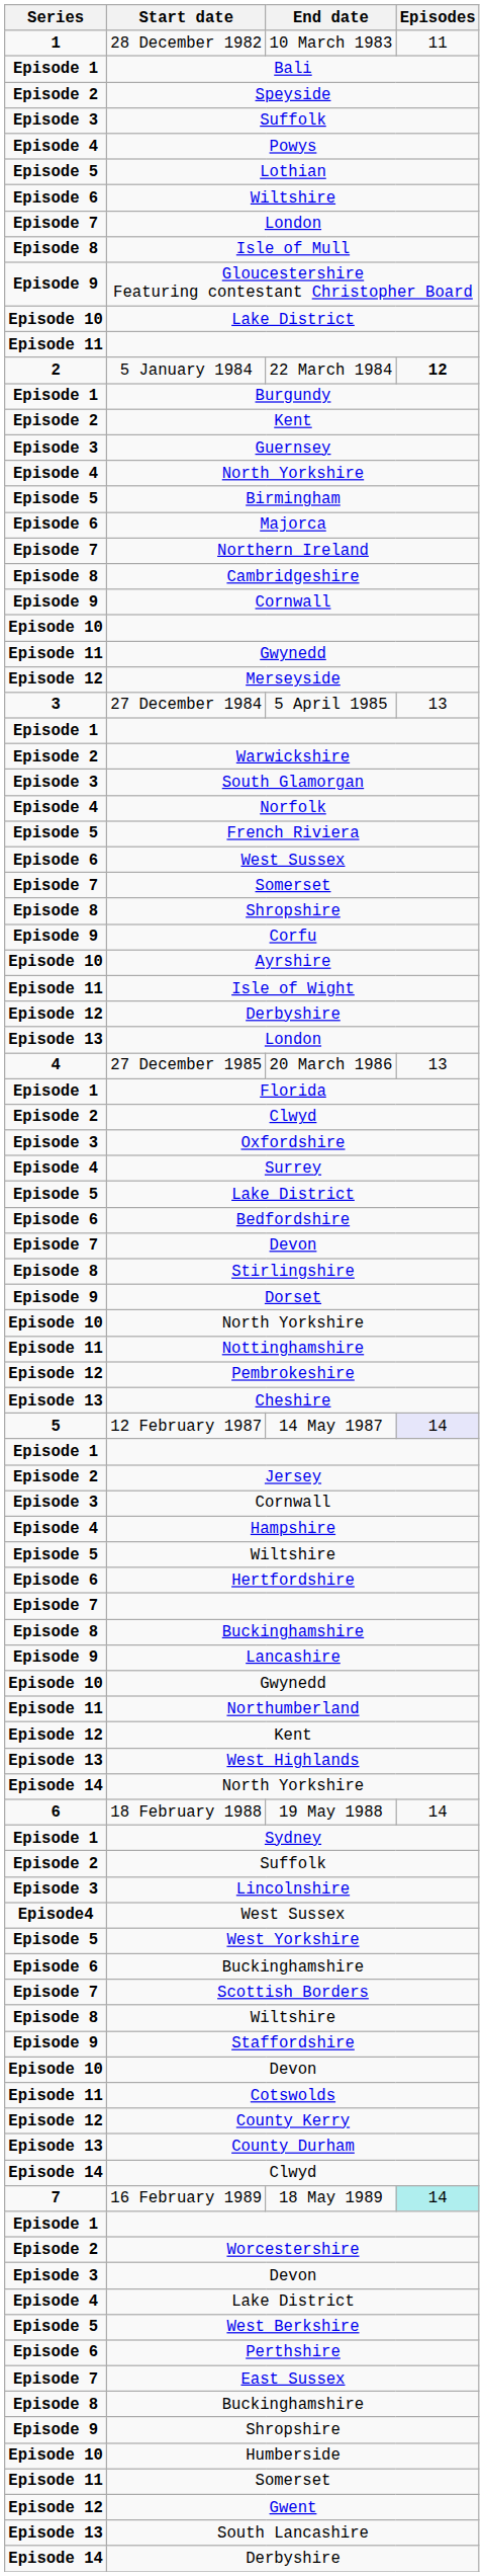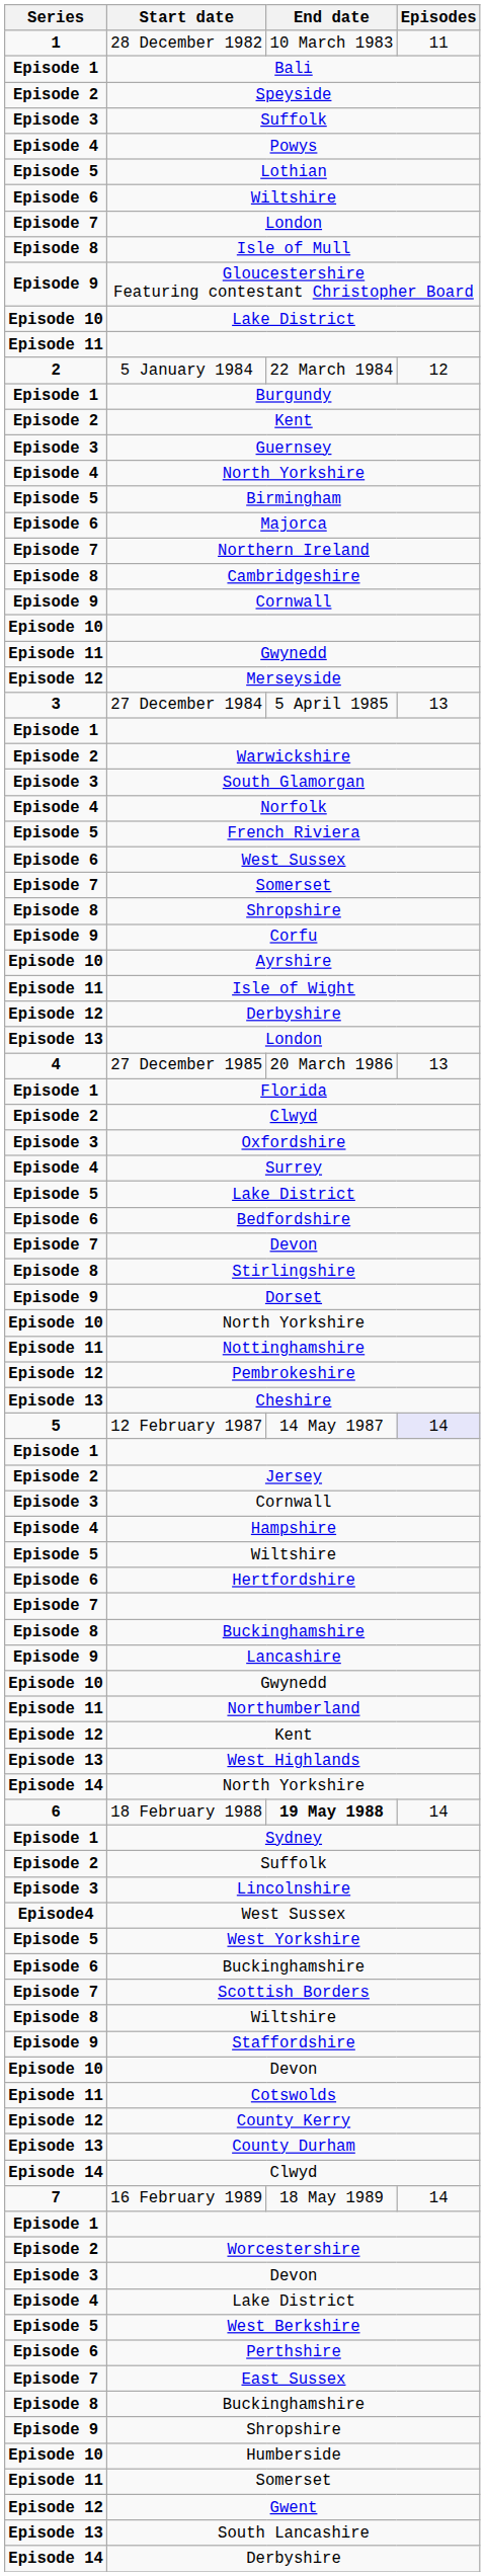 <table class="wikitable">
 <tr>
 <th>Series</th>
 <th>Start date</th>
 <th>End date</th>
 <th>Episodes</th>
 </tr>
 <tr>
 <td align=center><strong>1</strong></td>
 <td align=center>28 December 1982</td>
 <td align=center>10 March 1983</td>
 <td align=center>11</td>
 </tr>
 <tr>
 <td align=center><strong>Episode 1</strong></td>
 <td align=center colspan=3> <a href='#'>Bali</a></td>
 </tr>
 <tr>
 <td align=center><strong>Episode 2</strong></td>
 <td align=center colspan=3> <a href='#'>Speyside</a></td>
 </tr>
 <tr>
 <td align=center><strong>Episode 3</strong></td>
 <td align=center colspan=3> <a href='#'>Suffolk</a></td>
 </tr>
 <tr>
 <td align=center><strong>Episode 4</strong></td>
 <td align=center colspan=3> <a href='#'>Powys</a></td>
 </tr>
 <tr>
 <td align=center><strong>Episode 5</strong></td>
 <td align=center colspan=3> <a href='#'>Lothian</a></td>
 </tr>
 <tr>
 <td align=center><strong>Episode 6</strong></td>
 <td align=center colspan=3> <a href='#'>Wiltshire</a></td>
 </tr>
 <tr>
 <td align=center><strong>Episode 7</strong></td>
 <td align=center colspan=3> <a href='#'>London</a></td>
 </tr>
 <tr>
 <td align=center><strong>Episode 8</strong></td>
 <td align=center colspan=3> <a href='#'>Isle of Mull</a></td>
 </tr>
 <tr>
 <td align=center><strong>Episode 9</strong></td>
 <td align=center colspan=3> <a href='#'>Gloucestershire</a><br>Featuring contestant <a href='#'>Christopher Board</a></td>
 </tr>
 <tr>
 <td align=center><strong>Episode 10</strong></td>
 <td align=center colspan=3> <a href='#'>Lake District</a></td>
 </tr>
 <tr>
 <td align=center><strong>Episode 11</strong></td>
 <td align=center colspan=3></td>
 </tr>
 <tr>
 <td align=center><strong>2</strong></td>
 <td align=center>5 January 1984</td>
 <td align=center>22 March 1984</td>
-<td align=center><strong>12</strong></td>
+<td align=center>12</td>
 </tr>
 <tr>
 <td align=center><strong>Episode 1</strong></td>
 <td align=center colspan=3> <a href='#'>Burgundy</a></td>
 </tr>
 <tr>
 <td align=center><strong>Episode 2</strong></td>
 <td align=center colspan=3> <a href='#'>Kent</a></td>
 </tr>
 <tr>
 <td align=center><strong>Episode 3</strong></td>
 <td align=center colspan=3> <a href='#'>Guernsey</a></td>
 </tr>
 <tr>
 <td align=center><strong>Episode 4</strong></td>
 <td align=center colspan=3> <a href='#'>North Yorkshire</a></td>
 </tr>
 <tr>
 <td align=center><strong>Episode 5</strong></td>
 <td align=center colspan=3> <a href='#'>Birmingham</a></td>
 </tr>
 <tr>
 <td align=center><strong>Episode 6</strong></td>
 <td align=center colspan=3> <a href='#'>Majorca</a></td>
 </tr>
 <tr>
 <td align=center><strong>Episode 7</strong></td>
 <td align=center colspan=3> <a href='#'>Northern Ireland</a></td>
 </tr>
 <tr>
 <td align=center><strong>Episode 8</strong></td>
 <td align=center colspan=3> <a href='#'>Cambridgeshire</a></td>
 </tr>
 <tr>
 <td align=center><strong>Episode 9</strong></td>
 <td align=center colspan=3> <a href='#'>Cornwall</a></td>
 </tr>
 <tr>
 <td align=center><strong>Episode 10</strong></td>
 <td align=center colspan=3></td>
 </tr>
 <tr>
 <td align=center><strong>Episode 11</strong></td>
 <td align=center colspan=3> <a href='#'>Gwynedd</a></td>
 </tr>
 <tr>
 <td align=center><strong>Episode 12</strong></td>
 <td align=center colspan=3> <a href='#'>Merseyside</a></td>
 </tr>
 <tr>
 <td align=center><strong>3</strong></td>
 <td align=center>27 December 1984</td>
 <td align=center>5 April 1985</td>
 <td align=center>13</td>
 </tr>
 <tr>
 <td align=center><strong>Episode 1</strong></td>
 <td align=center colspan=3></td>
 </tr>
 <tr>
 <td align=center><strong>Episode 2</strong></td>
 <td align=center colspan=3> <a href='#'>Warwickshire</a></td>
 </tr>
 <tr>
 <td align=center><strong>Episode 3</strong></td>
 <td align=center colspan=3> <a href='#'>South Glamorgan</a></td>
 </tr>
 <tr>
 <td align=center><strong>Episode 4</strong></td>
 <td align=center colspan=3> <a href='#'>Norfolk</a></td>
 </tr>
 <tr>
 <td align=center><strong>Episode 5</strong></td>
 <td align=center colspan=3> <a href='#'>French Riviera</a></td>
 </tr>
 <tr>
 <td align=center><strong>Episode 6</strong></td>
 <td align=center colspan=3> <a href='#'>West Sussex</a></td>
 </tr>
 <tr>
 <td align=center><strong>Episode 7</strong></td>
 <td align=center colspan=3> <a href='#'>Somerset</a></td>
 </tr>
 <tr>
 <td align=center><strong>Episode 8</strong></td>
 <td align=center colspan=3> <a href='#'>Shropshire</a></td>
 </tr>
 <tr>
 <td align=center><strong>Episode 9</strong></td>
 <td align=center colspan=3> <a href='#'>Corfu</a></td>
 </tr>
 <tr>
 <td align=center><strong>Episode 10</strong></td>
 <td align=center colspan=3> <a href='#'>Ayrshire</a></td>
 </tr>
 <tr>
 <td align=center><strong>Episode 11</strong></td>
 <td align=center colspan=3> <a href='#'>Isle of Wight</a></td>
 </tr>
 <tr>
 <td align=center><strong>Episode 12</strong></td>
 <td align=center colspan=3> <a href='#'>Derbyshire</a></td>
 </tr>
 <tr>
 <td align=center><strong>Episode 13</strong></td>
 <td align=center colspan=3> <a href='#'>London</a></td>
 </tr>
 <tr>
 <td align=center><strong>4</strong></td>
 <td align=center>27 December 1985</td>
 <td align=center>20 March 1986</td>
 <td align=center>13</td>
 </tr>
 <tr>
 <td align=center><strong>Episode 1</strong></td>
 <td align=center colspan=3> <a href='#'>Florida</a></td>
 </tr>
 <tr>
 <td align=center><strong>Episode 2</strong></td>
 <td align=center colspan=3> <a href='#'>Clwyd</a></td>
 </tr>
 <tr>
 <td align=center><strong>Episode 3</strong></td>
 <td align=center colspan=3> <a href='#'>Oxfordshire</a></td>
 </tr>
 <tr>
 <td align=center><strong>Episode 4</strong></td>
 <td align=center colspan=3> <a href='#'>Surrey</a></td>
 </tr>
 <tr>
 <td align=center><strong>Episode 5</strong></td>
 <td align=center colspan=3> <a href='#'>Lake District</a></td>
 </tr>
 <tr>
 <td align=center><strong>Episode 6</strong></td>
 <td align=center colspan=3> <a href='#'>Bedfordshire</a></td>
 </tr>
 <tr>
 <td align=center><strong>Episode 7</strong></td>
 <td align=center colspan=3> <a href='#'>Devon</a></td>
 </tr>
 <tr>
 <td align=center><strong>Episode 8</strong></td>
 <td align=center colspan=3> <a href='#'>Stirlingshire</a></td>
 </tr>
 <tr>
 <td align=center><strong>Episode 9</strong></td>
 <td align=center colspan=3> <a href='#'>Dorset</a></td>
 </tr>
 <tr>
 <td align=center><strong>Episode 10</strong></td>
 <td align=center colspan=3> North Yorkshire</td>
 </tr>
 <tr>
 <td align=center><strong>Episode 11</strong></td>
 <td align=center colspan=3> <a href='#'>Nottinghamshire</a></td>
 </tr>
 <tr>
 <td align=center><strong>Episode 12</strong></td>
 <td align=center colspan=3> <a href='#'>Pembrokeshire</a></td>
 </tr>
 <tr>
 <td align=center><strong>Episode 13</strong></td>
 <td align=center colspan=3> <a href='#'>Cheshire</a></td>
 </tr>
 <tr>
 <td align=center><strong>5</strong></td>
 <td align=center>12 February 1987</td>
 <td align=center>14 May 1987</td>
 <td align=center style="background: lavender;">14</td>
 </tr>
 <tr>
 <td align=center><strong>Episode 1</strong></td>
 <td align=center colspan=3></td>
 </tr>
 <tr>
 <td align=center><strong>Episode 2</strong></td>
 <td align=center colspan=3> <a href='#'>Jersey</a></td>
 </tr>
 <tr>
 <td align=center><strong>Episode 3</strong></td>
 <td align=center colspan=3> Cornwall</td>
 </tr>
 <tr>
 <td align=center><strong>Episode 4</strong></td>
 <td align=center colspan=3> <a href='#'>Hampshire</a></td>
 </tr>
 <tr>
 <td align=center><strong>Episode 5</strong></td>
 <td align=center colspan=3> Wiltshire</td>
 </tr>
 <tr>
 <td align=center><strong>Episode 6</strong></td>
 <td align=center colspan=3> <a href='#'>Hertfordshire</a></td>
 </tr>
 <tr>
 <td align=center><strong>Episode 7</strong></td>
 <td align=center colspan=3></td>
 </tr>
 <tr>
 <td align=center><strong>Episode 8</strong></td>
 <td align=center colspan=3> <a href='#'>Buckinghamshire</a></td>
 </tr>
 <tr>
 <td align=center><strong>Episode 9</strong></td>
 <td align=center colspan=3> <a href='#'>Lancashire</a></td>
 </tr>
 <tr>
 <td align=center><strong>Episode 10</strong></td>
 <td align=center colspan=3> Gwynedd</td>
 </tr>
 <tr>
 <td align=center><strong>Episode 11</strong></td>
 <td align=center colspan=3> <a href='#'>Northumberland</a></td>
 </tr>
 <tr>
 <td align=center><strong>Episode 12</strong></td>
 <td align=center colspan=3> Kent</td>
 </tr>
 <tr>
 <td align=center><strong>Episode 13</strong></td>
 <td align=center colspan=3> <a href='#'>West Highlands</a></td>
 </tr>
 <tr>
 <td align=center><strong>Episode 14</strong></td>
 <td align=center colspan=3> North Yorkshire</td>
 </tr>
 <tr>
 <td align=center><strong>6</strong></td>
 <td align=center>18 February 1988</td>
-<td align=center>19 May 1988</td>
+<td align=center><strong>19 May 1988</strong></td>
 <td align=center>14</td>
 </tr>
 <tr>
 <td align=center><strong>Episode 1</strong></td>
 <td align=center colspan=3> <a href='#'>Sydney</a></td>
 </tr>
 <tr>
 <td align=center><strong>Episode 2</strong></td>
 <td align=center colspan=3> Suffolk</td>
 </tr>
 <tr>
 <td align=center><strong>Episode 3</strong></td>
 <td align=center colspan=3> <a href='#'>Lincolnshire</a></td>
 </tr>
 <tr>
 <td align=center><strong>Episode4</strong></td>
 <td align=center colspan=3> West Sussex</td>
 </tr>
 <tr>
 <td align=center><strong>Episode 5</strong></td>
 <td align=center colspan=3> <a href='#'>West Yorkshire</a></td>
 </tr>
 <tr>
 <td align=center><strong>Episode 6</strong></td>
 <td align=center colspan=3> Buckinghamshire</td>
 </tr>
 <tr>
 <td align=center><strong>Episode 7</strong></td>
 <td align=center colspan=3> <a href='#'>Scottish Borders</a></td>
 </tr>
 <tr>
 <td align=center><strong>Episode 8</strong></td>
 <td align=center colspan=3> Wiltshire</td>
 </tr>
 <tr>
 <td align=center><strong>Episode 9</strong></td>
 <td align=center colspan=3> <a href='#'>Staffordshire</a></td>
 </tr>
 <tr>
 <td align=center><strong>Episode 10</strong></td>
 <td align=center colspan=3> Devon</td>
 </tr>
 <tr>
 <td align=center><strong>Episode 11</strong></td>
 <td align=center colspan=3> <a href='#'>Cotswolds</a></td>
 </tr>
 <tr>
 <td align=center><strong>Episode 12</strong></td>
 <td align=center colspan=3> <a href='#'>County Kerry</a></td>
 </tr>
 <tr>
 <td align=center><strong>Episode 13</strong></td>
 <td align=center colspan=3> <a href='#'>County Durham</a></td>
 </tr>
 <tr>
 <td align=center><strong>Episode 14</strong></td>
 <td align=center colspan=3> Clwyd</td>
 </tr>
 <tr>
 <td align=center><strong>7</strong></td>
 <td align=center>16 February 1989</td>
 <td align=center>18 May 1989</td>
-<td align=center style="background: paleturquoise;">14</td>
+<td align=center>14</td>
 </tr>
 <tr>
 <td align=center><strong>Episode 1</strong></td>
 <td align=center colspan=3></td>
 </tr>
 <tr>
 <td align=center><strong>Episode 2</strong></td>
 <td align=center colspan=3> <a href='#'>Worcestershire</a></td>
 </tr>
 <tr>
 <td align=center><strong>Episode 3</strong></td>
 <td align=center colspan=3> Devon</td>
 </tr>
 <tr>
 <td align=center><strong>Episode 4</strong></td>
 <td align=center colspan=3> Lake District</td>
 </tr>
 <tr>
 <td align=center><strong>Episode 5</strong></td>
 <td align=center colspan=3> <a href='#'>West Berkshire</a></td>
 </tr>
 <tr>
 <td align=center><strong>Episode 6</strong></td>
 <td align=center colspan=3> <a href='#'>Perthshire</a></td>
 </tr>
 <tr>
 <td align=center><strong>Episode 7</strong></td>
 <td align=center colspan=3> <a href='#'>East Sussex</a></td>
 </tr>
 <tr>
 <td align=center><strong>Episode 8</strong></td>
 <td align=center colspan=3> Buckinghamshire</td>
 </tr>
 <tr>
 <td align=center><strong>Episode 9</strong></td>
 <td align=center colspan=3> Shropshire</td>
 </tr>
 <tr>
 <td align=center><strong>Episode 10</strong></td>
 <td align=center colspan=3> Humberside</td>
 </tr>
 <tr>
 <td align=center><strong>Episode 11</strong></td>
 <td align=center colspan=3> Somerset</td>
 </tr>
 <tr>
 <td align=center><strong>Episode 12</strong></td>
 <td align=center colspan=3> <a href='#'>Gwent</a></td>
 </tr>
 <tr>
 <td align=center><strong>Episode 13</strong></td>
 <td align=center colspan=3> South Lancashire</td>
 </tr>
 <tr>
 <td align=center><strong>Episode 14</strong></td>
 <td align=center colspan=3> Derbyshire</td>
 </tr>
 <tr>
 </tr>
 </table>
